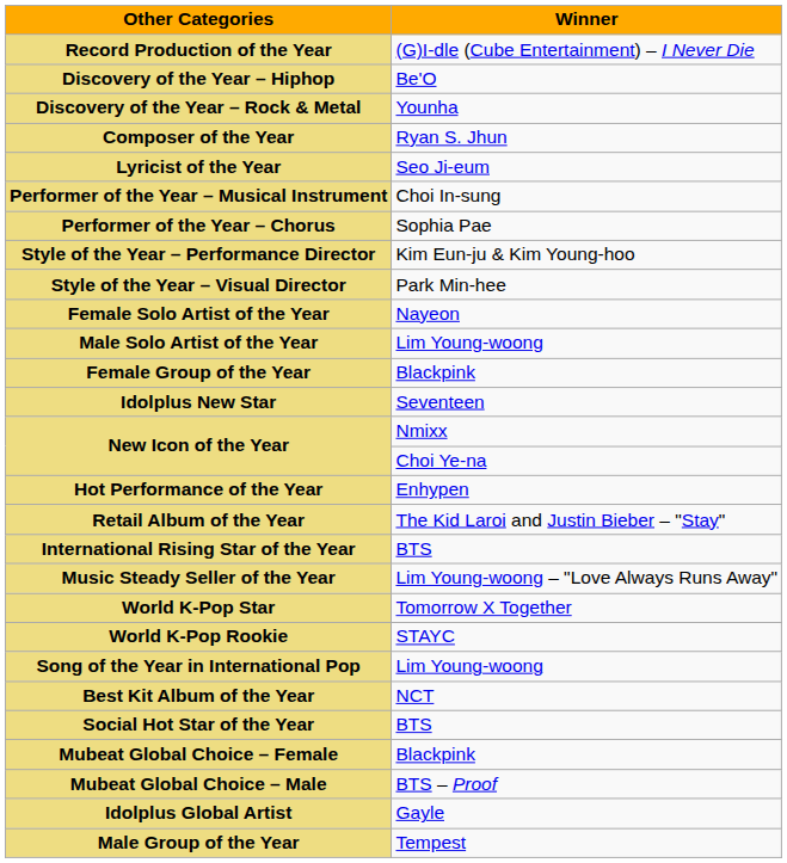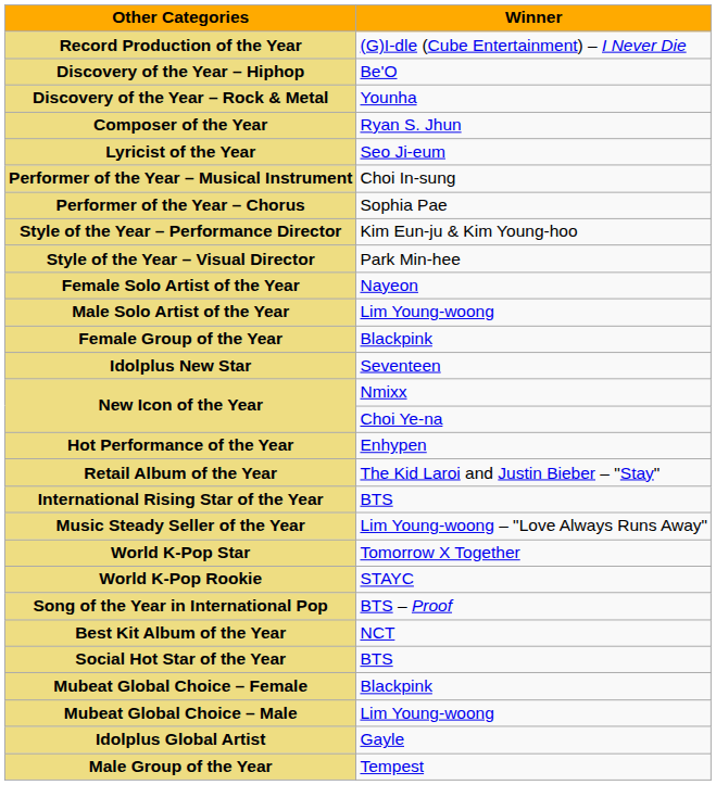 <table class="wikitable plainrowheaders">
 <tr>
 <th style="background:#FFAA00">Other Categories</th>
 <th style="background:#FFAA00">Winner</th>
 </tr>
 <tr>
 <th scope="row" style="background:#EEDD82">Record Production of the Year</th>
 <td><a href='#'>(G)I-dle</a> (<a href='#'>Cube Entertainment</a>) – <em><a href='#'>I Never Die</a></em></td>
 </tr>
 <tr>
 <th scope="row" style="background:#EEDD82">Discovery of the Year – Hiphop</th>
 <td><a href='#'>Be'O</a></td>
 </tr>
 <tr>
 <th scope="row" style="background:#EEDD82">Discovery of the Year – Rock & Metal</th>
 <td><a href='#'>Younha</a></td>
 </tr>
 <tr>
 <th scope="row" style="background:#EEDD82">Composer of the Year</th>
 <td><a href='#'>Ryan S. Jhun</a></td>
 </tr>
 <tr>
 <th scope="row" style="background:#EEDD82">Lyricist of the Year</th>
 <td><a href='#'>Seo Ji-eum</a></td>
 </tr>
 <tr>
 <th scope="row" style="background:#EEDD82">Performer of the Year – Musical Instrument</th>
 <td>Choi In-sung</td>
 </tr>
 <tr>
 <th scope="row" style="background:#EEDD82">Performer of the Year – Chorus</th>
 <td>Sophia Pae</td>
 </tr>
 <tr>
 <th scope="row" style="background:#EEDD82">Style of the Year – Performance Director</th>
 <td>Kim Eun-ju & Kim Young-hoo</td>
 </tr>
 <tr>
 <th scope="row" style="background:#EEDD82">Style of the Year – Visual Director</th>
 <td>Park Min-hee</td>
 </tr>
 <tr>
 <th scope="row" style="background:#EEDD82">Female Solo Artist of the Year</th>
 <td><a href='#'>Nayeon</a></td>
 </tr>
 <tr>
 <th scope="row" style="background:#EEDD82">Male Solo Artist of the Year</th>
 <td><a href='#'>Lim Young-woong</a></td>
 </tr>
 <tr>
 <th scope="row" style="background:#EEDD82">Female Group of the Year</th>
 <td><a href='#'>Blackpink</a></td>
 </tr>
 <tr>
 <th scope="row" style="background:#EEDD82">Idolplus New Star</th>
 <td><a href='#'>Seventeen</a></td>
 </tr>
 <tr>
 <th scope="row" rowspan="2" style="background:#EEDD82">New Icon of the Year</th>
 <td><a href='#'>Nmixx</a></td>
 </tr>
 <tr>
 <td><a href='#'>Choi Ye-na</a></td>
 </tr>
 <tr>
 <th scope="row" style="background:#EEDD82">Hot Performance of the Year</th>
 <td><a href='#'>Enhypen</a></td>
 </tr>
 <tr>
 <th scope="row" style="background:#EEDD82">Retail Album of the Year</th>
 <td><a href='#'>The Kid Laroi</a> and <a href='#'>Justin Bieber</a> – "<a href='#'>Stay</a>"</td>
 </tr>
 <tr>
 <th scope="row" style="background:#EEDD82">International Rising Star of the Year</th>
 <td><a href='#'>BTS</a></td>
 </tr>
 <tr>
 <th scope="row" style="background:#EEDD82">Music Steady Seller of the Year</th>
 <td><a href='#'>Lim Young-woong</a> – "Love Always Runs Away"</td>
 </tr>
 <tr>
 <th scope="row" style="background:#EEDD82">World K-Pop Star</th>
 <td><a href='#'>Tomorrow X Together</a></td>
 </tr>
 <tr>
 <th scope="row" style="background:#EEDD82">World K-Pop Rookie</th>
 <td><a href='#'>STAYC</a></td>
 </tr>
 <tr>
 <th scope="row" style="background:#EEDD82">Song of the Year in International Pop</th>
-<td><a href='#'>Lim Young-woong</a></td>
+<td><a href='#'>BTS</a> – <a href='#'><em>Proof</em></a></td>
 </tr>
 <tr>
 <th scope="row" style="background:#EEDD82">Best Kit Album of the Year</th>
 <td><a href='#'>NCT</a></td>
 </tr>
 <tr>
 <th scope="row" style="background:#EEDD82">Social Hot Star of the Year</th>
 <td><a href='#'>BTS</a></td>
 </tr>
 <tr>
 <th scope="row" style="background:#EEDD82">Mubeat Global Choice – Female</th>
 <td><a href='#'>Blackpink</a></td>
 </tr>
 <tr>
 <th scope="row" style="background:#EEDD82">Mubeat Global Choice – Male</th>
-<td><a href='#'>BTS</a> – <a href='#'><em>Proof</em></a></td>
+<td><a href='#'>Lim Young-woong</a></td>
 </tr>
 <tr>
 <th scope="row" style="background:#EEDD82">Idolplus Global Artist</th>
 <td><a href='#'>Gayle</a></td>
 </tr>
 <tr>
 <th scope="row" style="background:#EEDD82">Male Group of the Year</th>
 <td><a href='#'>Tempest</a></td>
 </tr>
 </table>
